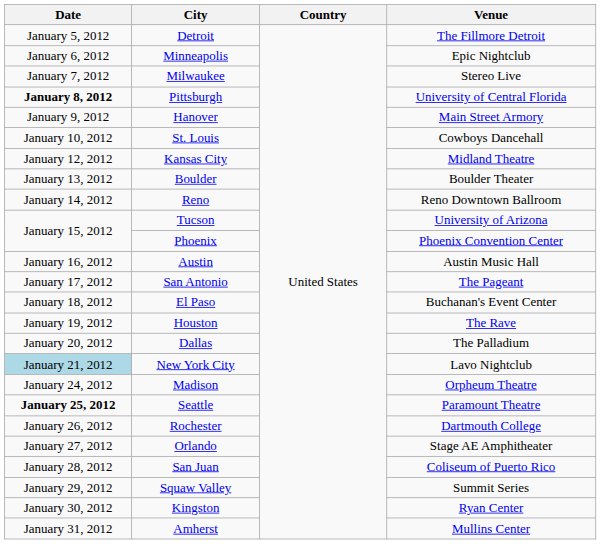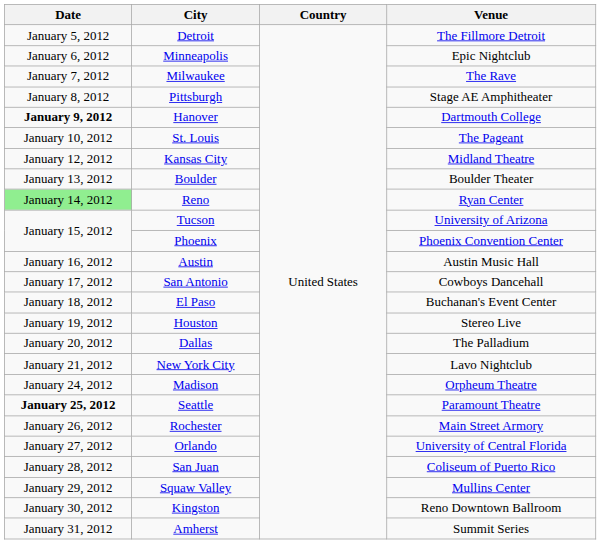 <table class="wikitable" style="text-align:center;">
 <tr>
 <th style="width:150px;">Date</th>
 <th style="width:150px;">City</th>
 <th style="width:150px;">Country</th>
 <th style="width:250px;">Venue</th>
 </tr>
 <tr>
 <td>January 5, 2012</td>
 <td><a href='#'>Detroit</a></td>
 <td rowspan="25">United States</td>
 <td><a href='#'>The Fillmore Detroit</a></td>
 </tr>
 <tr>
 <td>January 6, 2012</td>
 <td><a href='#'>Minneapolis</a></td>
 <td>Epic Nightclub</td>
 </tr>
 <tr>
 <td>January 7, 2012</td>
 <td><a href='#'>Milwaukee</a></td>
-<td>Stereo Live</td>
+<td><a href='#'>The Rave</a></td>
 </tr>
 <tr>
-<td><strong>January 8, 2012</strong></td>
+<td>January 8, 2012</td>
 <td><a href='#'>Pittsburgh</a></td>
-<td><a href='#'>University of Central Florida</a></td>
+<td>Stage AE Amphitheater</td>
 </tr>
 <tr>
-<td>January 9, 2012</td>
+<td><strong>January 9, 2012</strong></td>
 <td><a href='#'>Hanover</a></td>
-<td><a href='#'>Main Street Armory</a></td>
+<td><a href='#'>Dartmouth College</a></td>
 </tr>
 <tr>
 <td>January 10, 2012</td>
 <td><a href='#'>St. Louis</a></td>
-<td>Cowboys Dancehall</td>
+<td><a href='#'>The Pageant</a></td>
 </tr>
 <tr>
 <td>January 12, 2012</td>
 <td><a href='#'>Kansas City</a></td>
 <td><a href='#'>Midland Theatre</a></td>
 </tr>
 <tr>
 <td>January 13, 2012</td>
 <td><a href='#'>Boulder</a></td>
 <td>Boulder Theater</td>
 </tr>
 <tr>
-<td>January 14, 2012</td>
+<td style="background: lightgreen;">January 14, 2012</td>
 <td><a href='#'>Reno</a></td>
-<td>Reno Downtown Ballroom</td>
+<td><a href='#'>Ryan Center</a></td>
 </tr>
 <tr>
 <td rowspan="2">January 15, 2012</td>
 <td><a href='#'>Tucson</a></td>
 <td><a href='#'>University of Arizona</a></td>
 </tr>
 <tr>
 <td><a href='#'>Phoenix</a></td>
 <td><a href='#'>Phoenix Convention Center</a></td>
 </tr>
 <tr>
 <td>January 16, 2012</td>
 <td><a href='#'>Austin</a></td>
 <td>Austin Music Hall</td>
 </tr>
 <tr>
 <td>January 17, 2012</td>
 <td><a href='#'>San Antonio</a></td>
-<td><a href='#'>The Pageant</a></td>
+<td>Cowboys Dancehall</td>
 </tr>
 <tr>
 <td>January 18, 2012</td>
 <td><a href='#'>El Paso</a></td>
 <td>Buchanan's Event Center</td>
 </tr>
 <tr>
 <td>January 19, 2012</td>
 <td><a href='#'>Houston</a></td>
-<td><a href='#'>The Rave</a></td>
+<td>Stereo Live</td>
 </tr>
 <tr>
 <td>January 20, 2012</td>
 <td><a href='#'>Dallas</a></td>
 <td>The Palladium</td>
 </tr>
 <tr>
-<td style="background: lightblue;">January 21, 2012</td>
+<td>January 21, 2012</td>
 <td><a href='#'>New York City</a></td>
 <td>Lavo Nightclub</td>
 </tr>
 <tr>
 <td>January 24, 2012</td>
 <td><a href='#'>Madison</a></td>
 <td><a href='#'>Orpheum Theatre</a></td>
 </tr>
 <tr>
 <td><strong>January 25, 2012</strong></td>
 <td><a href='#'>Seattle</a></td>
 <td><a href='#'>Paramount Theatre</a></td>
 </tr>
 <tr>
 <td>January 26, 2012</td>
 <td><a href='#'>Rochester</a></td>
-<td><a href='#'>Dartmouth College</a></td>
+<td><a href='#'>Main Street Armory</a></td>
 </tr>
 <tr>
 <td>January 27, 2012</td>
 <td><a href='#'>Orlando</a></td>
-<td>Stage AE Amphitheater</td>
+<td><a href='#'>University of Central Florida</a></td>
 </tr>
 <tr>
 <td>January 28, 2012</td>
 <td><a href='#'>San Juan</a></td>
 <td><a href='#'>Coliseum of Puerto Rico</a></td>
 </tr>
 <tr>
 <td>January 29, 2012</td>
 <td><a href='#'>Squaw Valley</a></td>
-<td>Summit Series</td>
+<td><a href='#'>Mullins Center</a></td>
 </tr>
 <tr>
 <td>January 30, 2012</td>
 <td><a href='#'>Kingston</a></td>
-<td><a href='#'>Ryan Center</a></td>
+<td>Reno Downtown Ballroom</td>
 </tr>
 <tr>
 <td>January 31, 2012</td>
 <td><a href='#'>Amherst</a></td>
-<td><a href='#'>Mullins Center</a></td>
+<td>Summit Series</td>
 </tr>
 </table>
